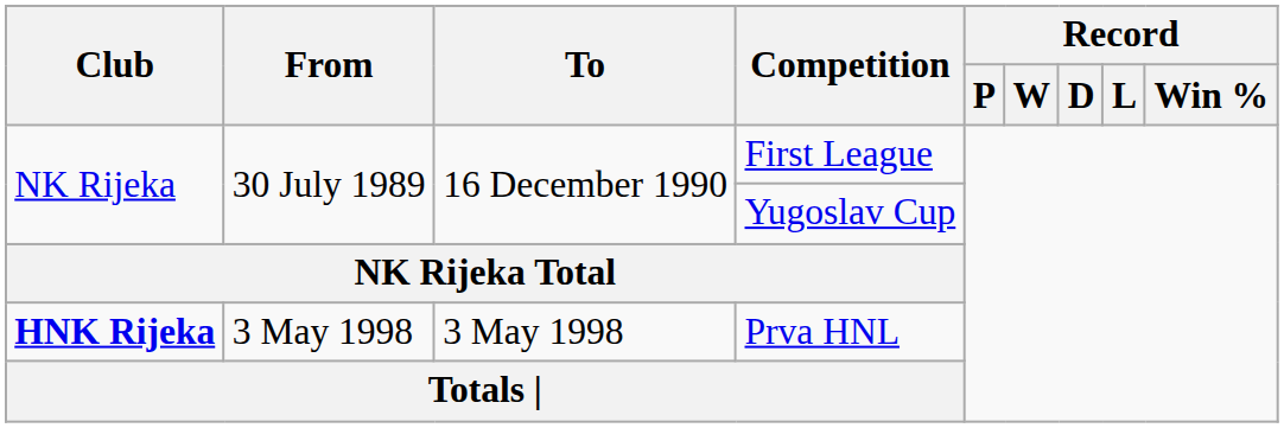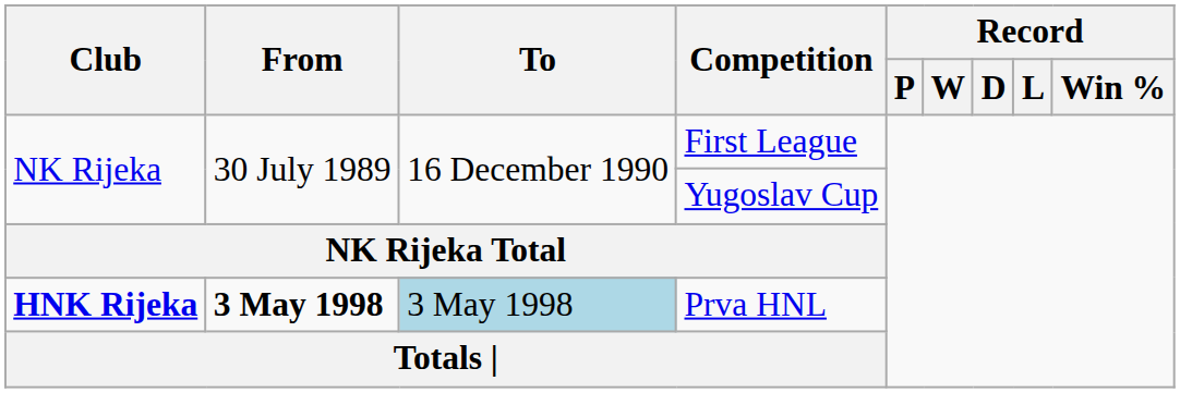 <table class="wikitable" style="text-align: center">
 <tr>
 <th rowspan=2>Club</th>
 <th rowspan=2>From</th>
 <th rowspan=2>To</th>
 <th rowspan=2>Competition</th>
 <th colspan=5>Record</th>
 </tr>
 <tr>
 <th>P</th>
 <th>W</th>
 <th>D</th>
 <th>L</th>
 <th>Win %</th>
 </tr>
 <tr>
 <td rowspan=2 align=left><a href='#'>NK Rijeka</a></td>
 <td rowspan=2 align=left>30 July 1989</td>
 <td rowspan=2 align=left>16 December 1990</td>
 <td align=left><a href='#'>First League</a><br></td>
 </tr>
 <tr>
 <td align=left><a href='#'>Yugoslav Cup</a><br></td>
 </tr>
 <tr>
 <th colspan="4">NK Rijeka Total<br></th>
 </tr>
 <tr>
 <td rowspan=1 align=left><strong><a href='#'>HNK Rijeka</a></strong></td>
-<td rowspan=1 align=left>3 May 1998</td>
-<td rowspan=1 align=left>3 May 1998</td>
+<td rowspan=1 align=left><strong>3 May 1998</strong></td>
+<td rowspan=1 align=left style="background: lightblue;">3 May 1998</td>
 <td align=left><a href='#'>Prva HNL</a><br></td>
 </tr>
 <tr>
 <th colspan="4">Totals |</th>
 </tr>
 </table>
